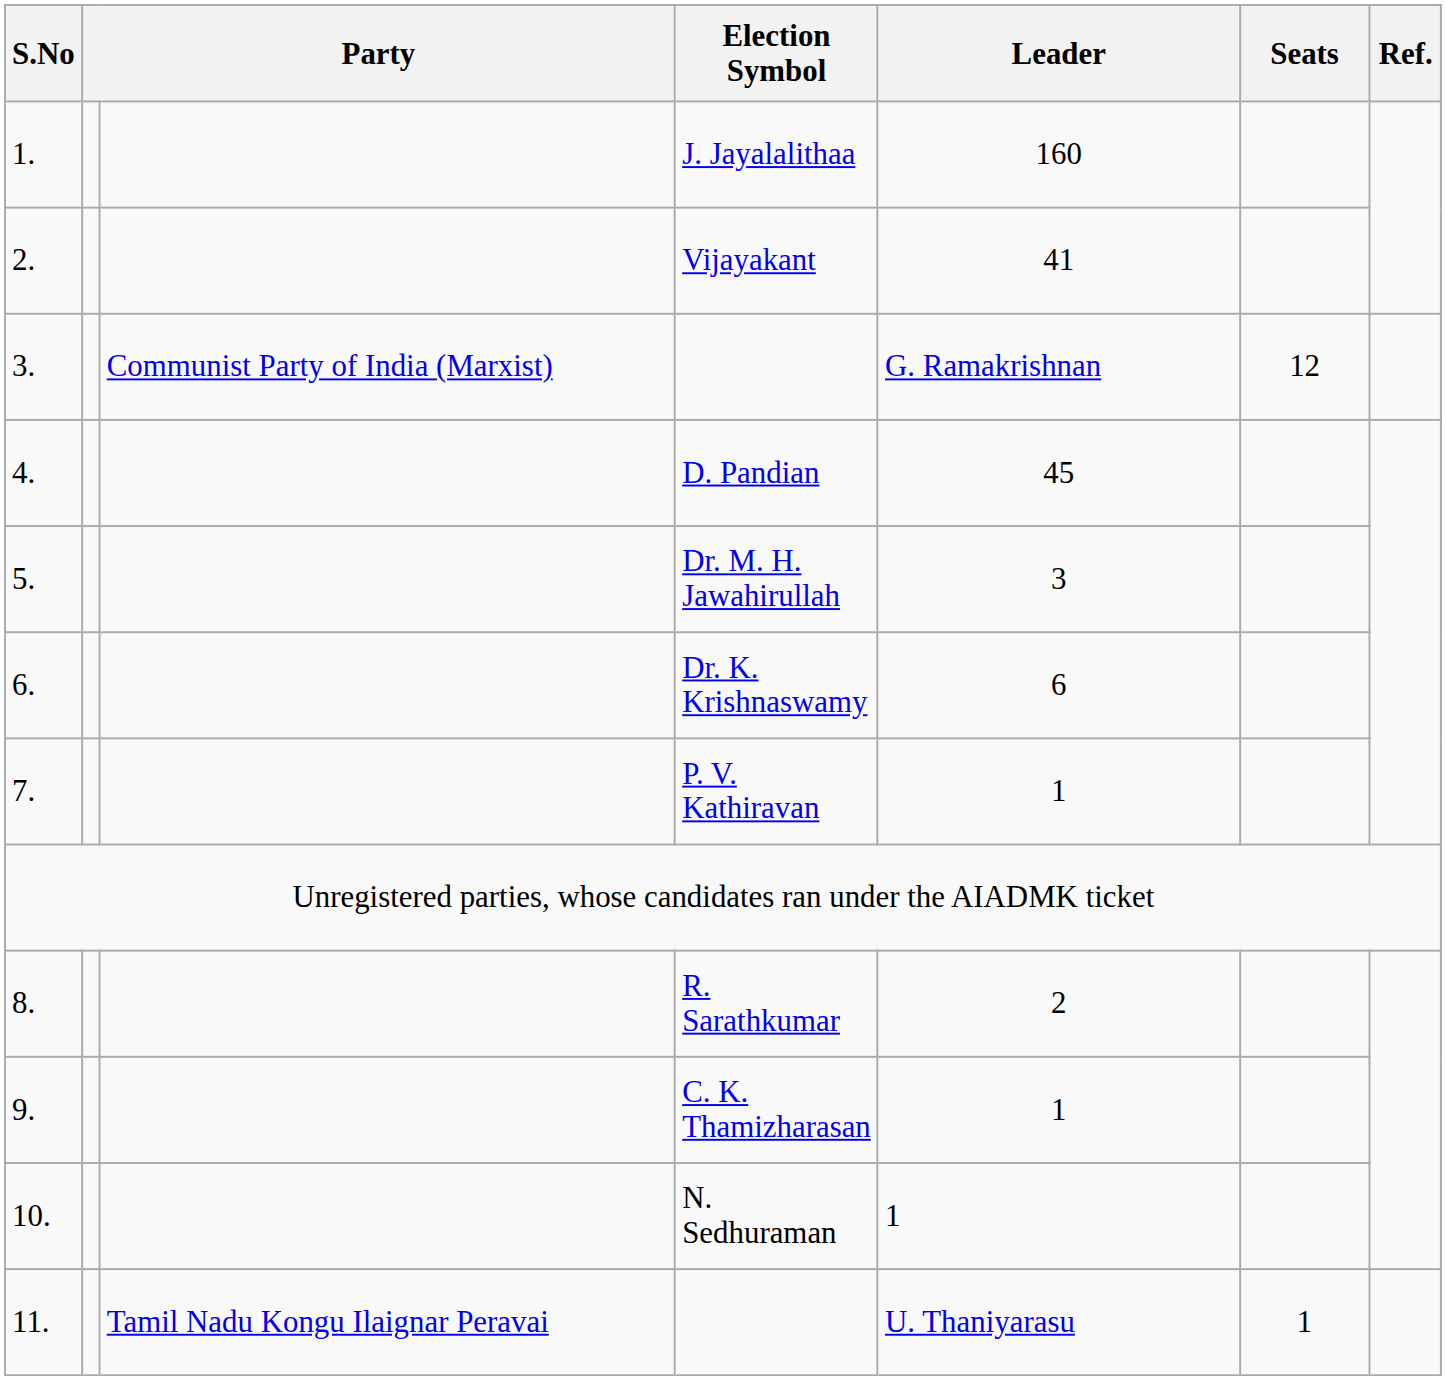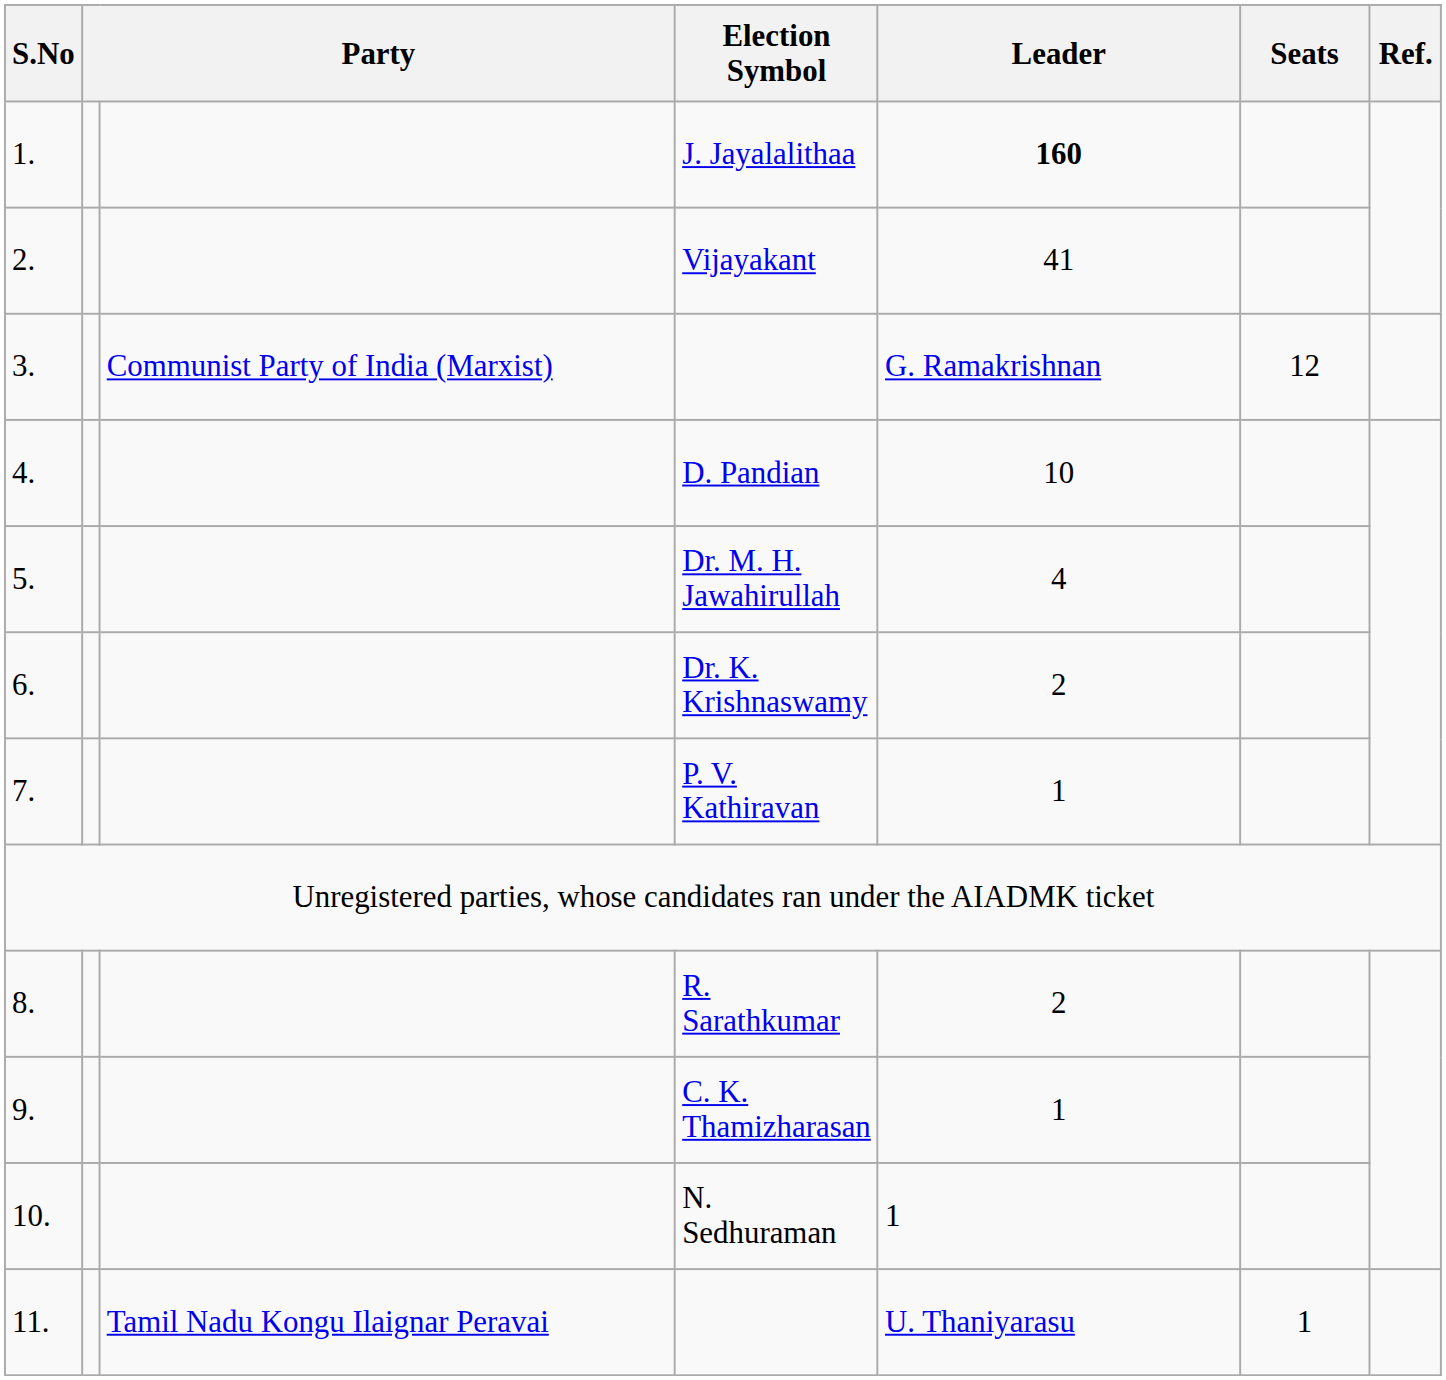 <table class="wikitable">
 <tr style="height: 50px;">
 <th>S.No</th>
 <th scope="col" style="width:300px;"colspan="2">Party</th>
 <th scope="col" style="width:80px;">Election Symbol</th>
 <th scope="col" style="width:180px;">Leader</th>
 <th scope="col" style="width:60px;">Seats</th>
 <th scope="col" style="width:30px;">Ref.</th>
 </tr>
 <tr style="height: 55px;">
 <td>1.</td>
 <td></td>
 <td style="text-align:center;"></td>
 <td><a href='#'>J. Jayalalithaa</a></td>
-<td style="text-align:center;">160</td>
+<td style="text-align:center;"><strong>160</strong></td>
 <td style="text-align:center;"></td>
 </tr>
 <tr style="height: 55px;">
 <td>2.</td>
 <td></td>
 <td style="text-align:center;"></td>
 <td><a href='#'>Vijayakant</a></td>
 <td style="text-align:center;">41</td>
 <td style="text-align:center;"></td>
 </tr>
 <tr style="height: 55px;">
 <td>3.</td>
 <td></td>
 <td><a href='#'>Communist Party of India (Marxist)</a></td>
 <td style="text-align:center;"></td>
 <td><a href='#'>G. Ramakrishnan</a></td>
 <td style="text-align:center;">12</td>
 <td style="text-align:center;"></td>
 </tr>
 <tr style="height: 55px;">
 <td>4.</td>
 <td></td>
 <td style="text-align:center;"></td>
 <td><a href='#'>D. Pandian</a></td>
-<td style="text-align:center;">45</td>
+<td style="text-align:center;">10</td>
 <td style="text-align:center;"></td>
 </tr>
 <tr style="height: 55px;">
 <td>5.</td>
 <td></td>
 <td style="text-align:center;"></td>
 <td><a href='#'>Dr. M. H. Jawahirullah</a></td>
-<td style="text-align:center;">3</td>
+<td style="text-align:center;">4</td>
 <td style="text-align:center;"></td>
 </tr>
 <tr style="height: 55px;">
 <td>6.</td>
 <td></td>
 <td style="text-align:center;"></td>
 <td><a href='#'>Dr. K. Krishnaswamy</a></td>
-<td style="text-align:center;">6</td>
+<td style="text-align:center;">2</td>
 <td style="text-align:center;"></td>
 </tr>
 <tr style="height: 55px;">
 <td>7.</td>
 <td></td>
 <td style="text-align:center;"></td>
 <td><a href='#'>P. V. Kathiravan</a></td>
 <td style="text-align:center;">1</td>
 <td style="text-align:center;"></td>
 </tr>
 <tr style="height: 55px;">
 <td colspan = "8" align = "center">Unregistered parties, whose candidates ran under the AIADMK ticket</td>
 </tr>
 <tr style="height: 55px;">
 <td>8.</td>
 <td></td>
 <td style="text-align:center;"><br></td>
 <td><a href='#'>R. Sarathkumar</a></td>
 <td style="text-align:center;">2</td>
 <td style="text-align:center;"></td>
 </tr>
 <tr style="height: 55px;">
 <td>9.</td>
 <td></td>
 <td style="text-align:center;"></td>
 <td><a href='#'>C. K. Thamizharasan</a></td>
 <td style="text-align:center;">1</td>
 <td style="text-align:center;"></td>
 </tr>
 <tr style="height: 55px;">
 <td>10.</td>
 <td></td>
 <td style="text-align:center;"><br></td>
 <td>N. Sedhuraman</td>
 <td>1</td>
 <td style="text-align:center;"></td>
 </tr>
 <tr style="height: 55px;">
 <td>11.</td>
 <td></td>
 <td scope="row" style="text-align: left;"><a href='#'>Tamil Nadu Kongu Ilaignar Peravai</a></td>
 <td style="text-align:center;"><br></td>
 <td><a href='#'>U. Thaniyarasu</a></td>
 <td style="text-align:center;">1</td>
 <td style="text-align:center;"></td>
 </tr>
 </table>
